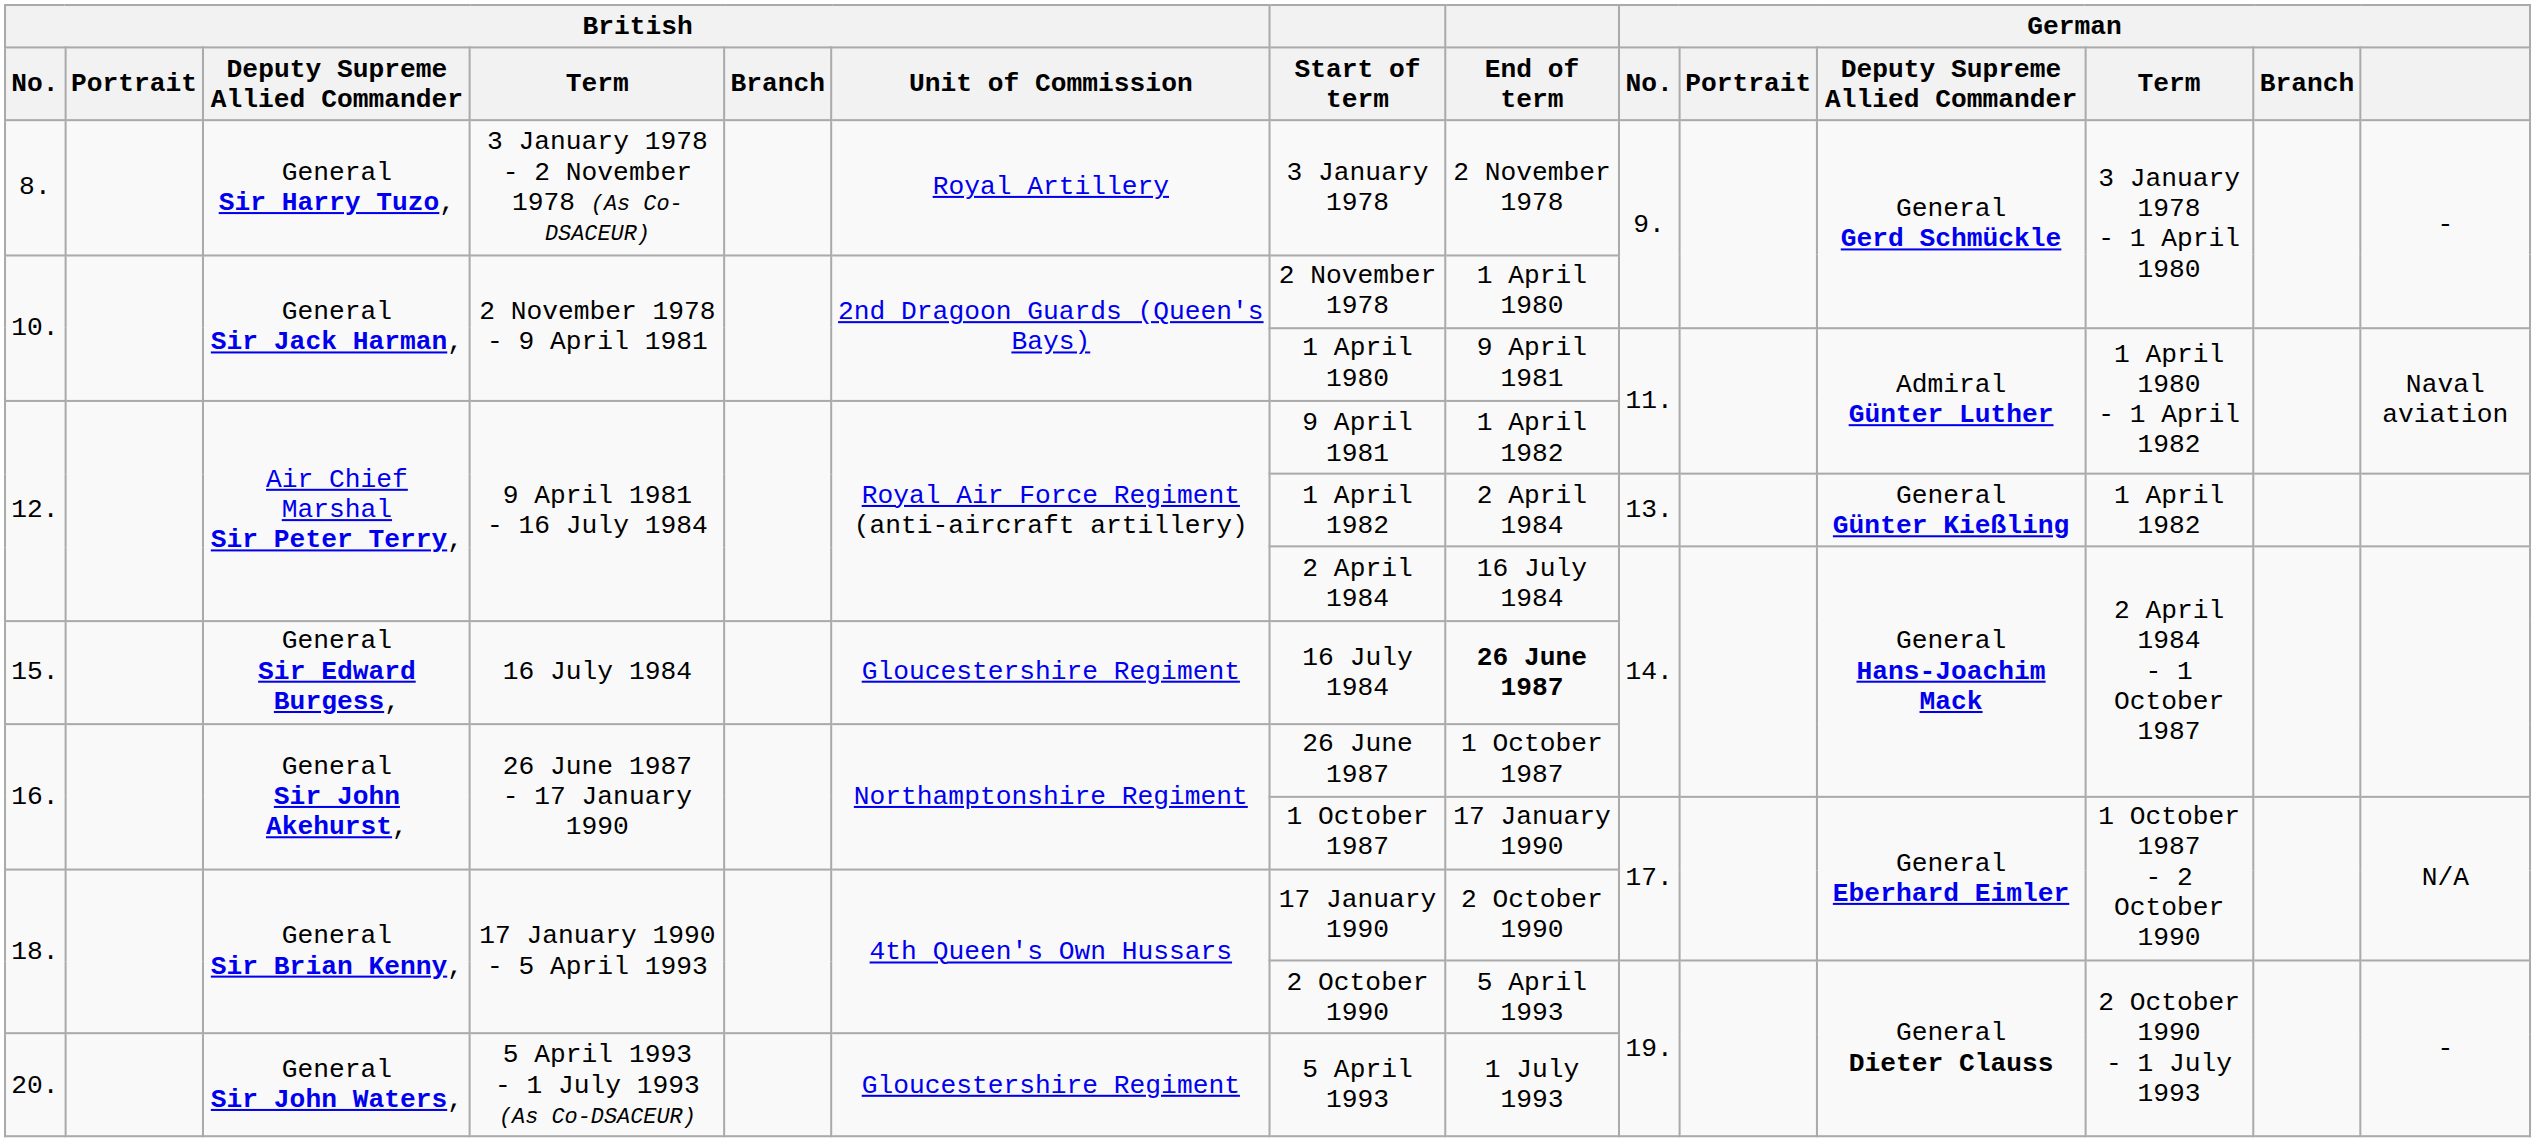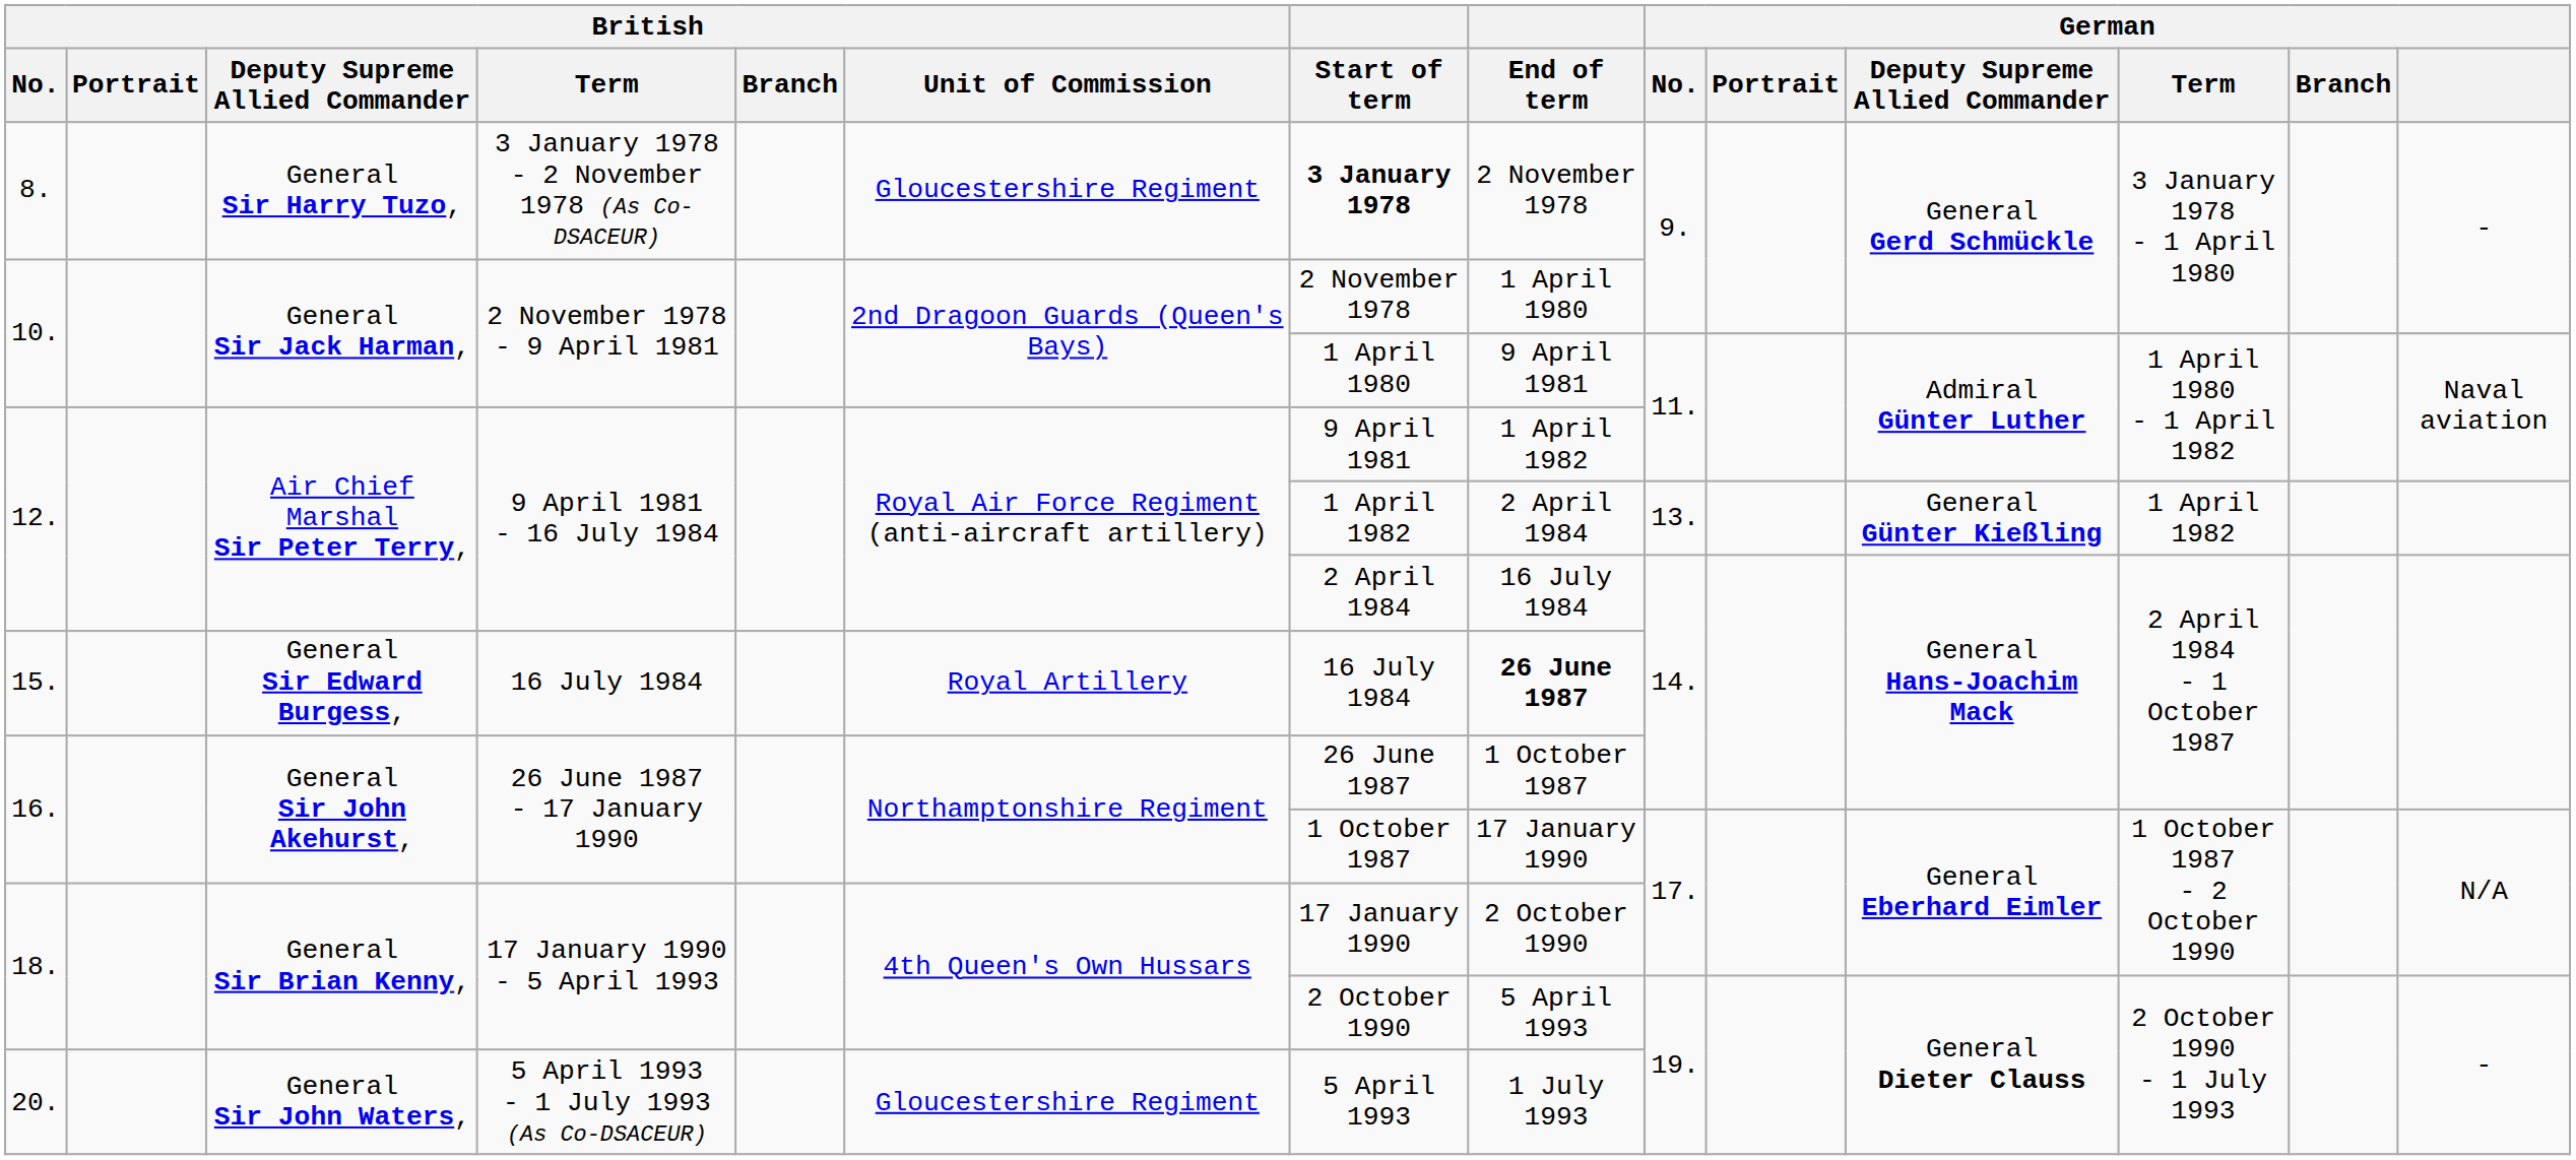 <table class="wikitable" style="text-align:center">
 <tr>
 <th colspan="6">British</th>
 <th></th>
 <th></th>
 <th colspan="6">German</th>
 </tr>
 <tr>
 <th>No.</th>
 <th>Portrait</th>
 <th>Deputy Supreme Allied Commander</th>
 <th>Term</th>
 <th>Branch</th>
 <th>Unit of Commission</th>
 <th>Start of term</th>
 <th>End of term</th>
 <th>No.</th>
 <th>Portrait</th>
 <th>Deputy Supreme Allied Commander</th>
 <th>Term</th>
 <th>Branch</th>
 <th></th>
 </tr>
 <tr>
 <td>8.</td>
 <td></td>
 <td>General<br><a href='#'><strong>Sir Harry Tuzo</strong></a>, </td>
 <td>3 January 1978<br>- 2 November 1978 <small><em>(As Co-DSACEUR)</em></small></td>
 <td></td>
-<td><a href='#'>Royal Artillery</a></td>
-<td>3 January 1978</td>
+<td><a href='#'>Gloucestershire Regiment</a></td>
+<td><strong>3 January 1978</strong></td>
 <td>2 November 1978</td>
 <td rowspan="2">9.</td>
 <td rowspan="2"></td>
 <td rowspan="2">General<br><strong><a href='#'>Gerd Schmückle</a></strong></td>
 <td rowspan="2">3 January 1978<br>- 1 April 1980</td>
 <td rowspan="2"></td>
 <td rowspan="2">-</td>
 </tr>
 <tr>
 <td rowspan="2">10.</td>
 <td rowspan="2"></td>
 <td rowspan="2">General<br><a href='#'><strong>Sir Jack Harman</strong></a>, </td>
 <td rowspan="2">2 November 1978<br>- 9 April 1981</td>
 <td rowspan="2"></td>
 <td rowspan="2"><a href='#'>2nd Dragoon Guards (Queen's Bays)</a></td>
 <td>2 November 1978</td>
 <td>1 April 1980</td>
 </tr>
 <tr>
 <td>1 April 1980</td>
 <td>9 April 1981</td>
 <td rowspan="2">11.</td>
 <td rowspan="2"></td>
 <td rowspan="2">Admiral<br><strong><a href='#'>Günter Luther</a></strong></td>
 <td rowspan="2">1 April 1980<br>- 1 April 1982</td>
 <td rowspan="2"></td>
 <td rowspan="2">Naval aviation</td>
 </tr>
 <tr>
 <td rowspan="3">12.</td>
 <td rowspan="3"></td>
 <td rowspan="3"><a href='#'>Air Chief Marshal</a><br><strong><a href='#'>Sir Peter Terry</a></strong>, </td>
 <td rowspan="3">9 April 1981<br>- 16 July 1984</td>
 <td rowspan="3"></td>
 <td rowspan="3"><a href='#'>Royal Air Force Regiment</a> (anti-aircraft artillery)</td>
 <td>9 April 1981</td>
 <td>1 April 1982</td>
 </tr>
 <tr>
 <td>1 April 1982</td>
 <td>2 April 1984</td>
 <td>13.</td>
 <td></td>
 <td>General<br><strong><a href='#'>Günter Kießling</a></strong></td>
 <td>1 April 1982</td>
 <td></td>
 <td></td>
 </tr>
 <tr>
 <td>2 April 1984</td>
 <td>16 July 1984</td>
 <td rowspan="3">14.</td>
 <td rowspan="3"></td>
 <td rowspan="3">General<br><strong><a href='#'>Hans-Joachim Mack</a></strong></td>
 <td rowspan="3">2 April 1984<br>- 1 October 1987</td>
 <td rowspan="3"></td>
 <td rowspan="3"></td>
 </tr>
 <tr>
 <td>15.</td>
 <td></td>
 <td>General<br><a href='#'><strong>Sir Edward Burgess</strong></a>, </td>
 <td>16 July 1984</td>
 <td></td>
-<td><a href='#'>Gloucestershire Regiment</a></td>
+<td><a href='#'>Royal Artillery</a></td>
 <td>16 July 1984</td>
 <td><strong>26 June 1987</strong></td>
 </tr>
 <tr>
 <td rowspan="2">16.</td>
 <td rowspan="2"></td>
 <td rowspan="2">General<br><a href='#'><strong>Sir John Akehurst</strong></a>, </td>
 <td rowspan="2">26 June 1987<br>- 17 January 1990</td>
 <td rowspan="2"></td>
 <td rowspan="2"><a href='#'>Northamptonshire Regiment</a></td>
 <td>26 June 1987</td>
 <td>1 October 1987</td>
 </tr>
 <tr>
 <td>1 October 1987</td>
 <td>17 January 1990</td>
 <td rowspan="2">17.</td>
 <td rowspan="2"></td>
 <td rowspan="2">General<br><strong><a href='#'>Eberhard Eimler</a></strong></td>
 <td rowspan="2">1 October 1987<br>- 2 October 1990</td>
 <td rowspan="2"></td>
 <td rowspan="2">N/A</td>
 </tr>
 <tr>
 <td rowspan="2">18.</td>
 <td rowspan="2"></td>
 <td rowspan="2">General<br><a href='#'><strong>Sir Brian Kenny</strong></a>, </td>
 <td rowspan="2">17 January 1990<br>- 5 April 1993</td>
 <td rowspan="2"></td>
 <td rowspan="2"><a href='#'>4th Queen's Own Hussars</a></td>
 <td>17 January 1990</td>
 <td>2 October 1990</td>
 </tr>
 <tr>
 <td>2 October 1990</td>
 <td>5 April 1993</td>
 <td rowspan="2">19.</td>
 <td rowspan="2"></td>
 <td rowspan="2">General<br><strong>Dieter Clauss</strong></td>
 <td rowspan="2">2 October 1990<br>- 1 July 1993</td>
 <td rowspan="2"></td>
 <td rowspan="2">-</td>
 </tr>
 <tr>
 <td>20.</td>
 <td></td>
 <td>General<br><a href='#'><strong>Sir John Waters</strong></a>, </td>
 <td>5 April 1993<br>- 1 July 1993 <small><em>(As Co-DSACEUR)</em></small></td>
 <td></td>
 <td><a href='#'>Gloucestershire Regiment</a></td>
 <td>5 April 1993</td>
 <td>1 July 1993</td>
 </tr>
 </table>
